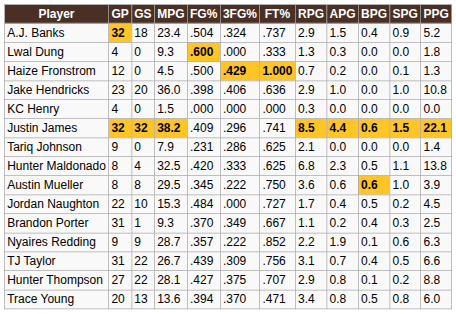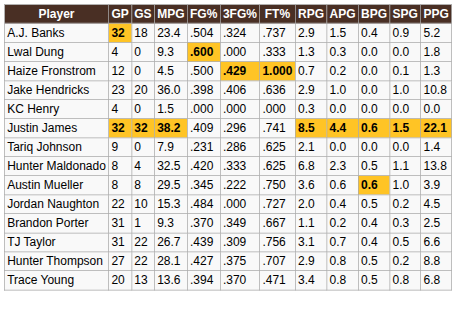 <table class="wikitable sortable">
 <tr>
 <th style="background:#492f24; color:white">Player</th>
 <th style="background:#492f24; color:white">GP</th>
 <th style="background:#492f24; color:white">GS</th>
 <th style="background:#492f24; color:white">MPG</th>
 <th style="background:#492f24; color:white">FG%</th>
 <th style="background:#492f24; color:white">3FG%</th>
 <th style="background:#492f24; color:white">FT%</th>
 <th style="background:#492f24; color:white;">RPG</th>
 <th style="background:#492f24; color:white;">APG</th>
 <th style="background:#492f24; color:white;">BPG</th>
 <th style="background:#492f24; color:white;">SPG</th>
 <th style="background:#492f24; color:white;">PPG</th>
 </tr>
 <tr>
 <td>A.J. Banks</td>
 <td style="background:#ffc425"><strong>32</strong></td>
 <td>18</td>
 <td>23.4</td>
 <td>.504</td>
 <td>.324</td>
 <td>.737</td>
 <td>2.9</td>
 <td>1.5</td>
 <td>0.4</td>
 <td>0.9</td>
 <td>5.2</td>
 </tr>
 <tr>
 <td>Lwal Dung</td>
 <td>4</td>
 <td>0</td>
 <td>9.3</td>
 <td style="background:#ffc425"><strong>.600</strong></td>
 <td>.000</td>
 <td>.333</td>
 <td>1.3</td>
 <td>0.3</td>
 <td>0.0</td>
 <td>0.0</td>
 <td>1.8</td>
 </tr>
 <tr>
 <td>Haize Fronstrom</td>
 <td>12</td>
 <td>0</td>
 <td>4.5</td>
 <td>.500</td>
 <td style="background:#ffc425"><strong>.429</strong></td>
 <td style="background:#ffc425"><strong>1.000</strong></td>
 <td>0.7</td>
 <td>0.2</td>
 <td>0.0</td>
 <td>0.1</td>
 <td>1.3</td>
 </tr>
 <tr>
 <td>Jake Hendricks</td>
 <td>23</td>
 <td>20</td>
 <td>36.0</td>
 <td>.398</td>
 <td>.406</td>
 <td>.636</td>
 <td>2.9</td>
 <td>1.0</td>
 <td>0.0</td>
 <td>1.0</td>
 <td>10.8</td>
 </tr>
 <tr>
 <td>KC Henry</td>
 <td>4</td>
 <td>0</td>
 <td>1.5</td>
 <td>.000</td>
 <td>.000</td>
 <td>.000</td>
 <td>0.3</td>
 <td>0.0</td>
 <td>0.0</td>
 <td>0.0</td>
 <td>0.0</td>
 </tr>
 <tr>
 <td>Justin James</td>
 <td style="background:#ffc425"><strong>32</strong></td>
 <td style="background:#ffc425"><strong>32</strong></td>
 <td style="background:#ffc425"><strong>38.2</strong></td>
 <td>.409</td>
 <td>.296</td>
 <td>.741</td>
 <td style="background:#ffc425"><strong>8.5</strong></td>
 <td style="background:#ffc425"><strong>4.4</strong></td>
 <td style="background:#ffc425"><strong>0.6</strong></td>
 <td style="background:#ffc425"><strong>1.5</strong></td>
 <td style="background:#ffc425"><strong>22.1</strong></td>
 </tr>
 <tr>
 <td>Tariq Johnson</td>
 <td>9</td>
 <td>0</td>
 <td>7.9</td>
 <td>.231</td>
 <td>.286</td>
 <td>.625</td>
 <td>2.1</td>
 <td>0.0</td>
 <td>0.0</td>
 <td>0.0</td>
 <td>1.4</td>
 </tr>
 <tr>
 <td>Hunter Maldonado</td>
 <td>8</td>
 <td>4</td>
 <td>32.5</td>
 <td>.420</td>
 <td>.333</td>
 <td>.625</td>
 <td>6.8</td>
 <td>2.3</td>
 <td>0.5</td>
 <td>1.1</td>
 <td>13.8</td>
 </tr>
 <tr>
 <td>Austin Mueller</td>
 <td>8</td>
 <td>8</td>
 <td>29.5</td>
 <td>.345</td>
 <td>.222</td>
 <td>.750</td>
 <td>3.6</td>
 <td>0.6</td>
 <td style="background:#ffc425"><strong>0.6</strong></td>
 <td>1.0</td>
 <td>3.9</td>
 </tr>
 <tr>
 <td>Jordan Naughton</td>
 <td>22</td>
 <td>10</td>
 <td>15.3</td>
 <td>.484</td>
 <td>.000</td>
 <td>.727</td>
-<td>1.7</td>
+<td>2.0</td>
 <td>0.4</td>
 <td>0.5</td>
 <td>0.2</td>
 <td>4.5</td>
 </tr>
 <tr>
 <td>Brandon Porter</td>
 <td>31</td>
 <td>1</td>
 <td>9.3</td>
 <td>.370</td>
 <td>.349</td>
 <td>.667</td>
 <td>1.1</td>
 <td>0.2</td>
 <td>0.4</td>
 <td>0.3</td>
 <td>2.5</td>
-</tr>
-<tr>
-<td>Nyaires Redding</td>
-<td>9</td>
-<td>9</td>
-<td>28.7</td>
-<td>.357</td>
-<td>.222</td>
-<td>.852</td>
-<td>2.2</td>
-<td>1.9</td>
-<td>0.1</td>
-<td>0.6</td>
-<td>6.3</td>
 </tr>
 <tr>
 <td>TJ Taylor</td>
 <td>31</td>
 <td>22</td>
 <td>26.7</td>
 <td>.439</td>
 <td>.309</td>
 <td>.756</td>
 <td>3.1</td>
 <td>0.7</td>
 <td>0.4</td>
 <td>0.5</td>
 <td>6.6</td>
 </tr>
 <tr>
 <td>Hunter Thompson</td>
 <td>27</td>
 <td>22</td>
 <td>28.1</td>
 <td>.427</td>
 <td>.375</td>
 <td>.707</td>
 <td>2.9</td>
 <td>0.8</td>
-<td>0.1</td>
+<td>0.5</td>
 <td>0.2</td>
 <td>8.8</td>
 </tr>
 <tr>
 <td>Trace Young</td>
 <td>20</td>
 <td>13</td>
 <td>13.6</td>
 <td>.394</td>
 <td>.370</td>
 <td>.471</td>
 <td>3.4</td>
 <td>0.8</td>
 <td>0.5</td>
 <td>0.8</td>
-<td>6.0</td>
+<td>6.8</td>
 </tr>
 </table>
